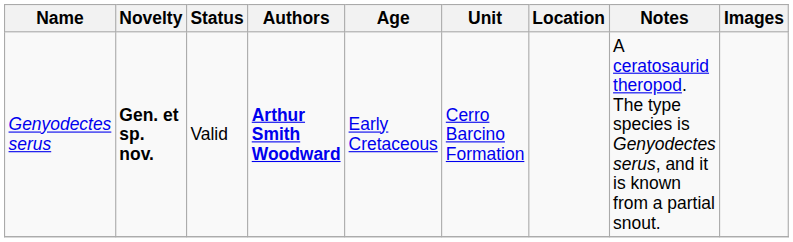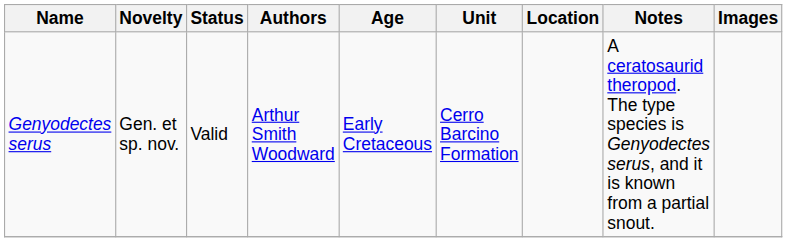 <table class="wikitable sortable" align="center" width="100%">
 <tr>
 <th>Name</th>
 <th>Novelty</th>
 <th>Status</th>
 <th>Authors</th>
 <th>Age</th>
 <th>Unit</th>
 <th>Location</th>
 <th>Notes</th>
 <th>Images</th>
 </tr>
 <tr>
 <td><em><a href='#'>Genyodectes serus</a></em></td>
-<td><strong>Gen. et sp. nov.</strong></td>
+<td>Gen. et sp. nov.</td>
 <td>Valid</td>
-<td><strong><a href='#'>Arthur Smith Woodward</a></strong></td>
+<td><a href='#'>Arthur Smith Woodward</a></td>
 <td><a href='#'>Early Cretaceous</a></td>
 <td><a href='#'>Cerro Barcino Formation</a></td>
 <td></td>
 <td>A <a href='#'>ceratosaurid</a> <a href='#'>theropod</a>. The type species is <em>Genyodectes serus</em>, and it is known from a partial snout.</td>
 <td></td>
 </tr>
 <tr>
 </tr>
 </table>
